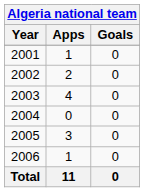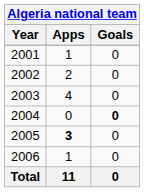 <table class="wikitable" style="text-align:center">
 <tr>
 <th colspan=3><a href='#'>Algeria national team</a></th>
 </tr>
 <tr>
 <th>Year</th>
 <th>Apps</th>
 <th>Goals</th>
 </tr>
 <tr>
 </tr>
 <tr>
 <td>2001</td>
 <td>1</td>
 <td>0</td>
 </tr>
 <tr>
 <td>2002</td>
 <td>2</td>
 <td>0</td>
 </tr>
 <tr>
 <td>2003</td>
 <td>4</td>
 <td>0</td>
 </tr>
 <tr>
 <td>2004</td>
 <td>0</td>
-<td>0</td>
+<td><strong>0</strong></td>
 </tr>
 <tr>
 <td>2005</td>
-<td>3</td>
+<td><strong>3</strong></td>
 <td>0</td>
 </tr>
 <tr>
 <td>2006</td>
 <td>1</td>
 <td>0</td>
 </tr>
 <tr>
 <th>Total</th>
 <th>11</th>
 <th>0</th>
 </tr>
 </table>
